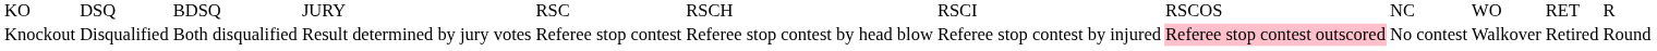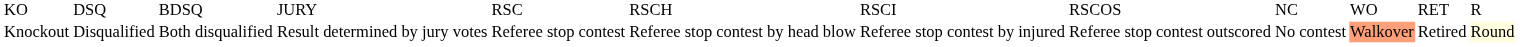 <table class="Symbol of AIBA"|->
 <tr>
 <td>KO</td>
 <td>DSQ</td>
 <td>BDSQ</td>
 <td>JURY</td>
 <td>RSC</td>
 <td>RSCH</td>
 <td>RSCI</td>
 <td>RSCOS</td>
 <td>NC</td>
 <td>WO</td>
 <td>RET</td>
 <td>R</td>
 </tr>
 <tr>
 <td>Knockout</td>
 <td>Disqualified</td>
 <td>Both disqualified</td>
 <td>Result determined by jury votes</td>
 <td>Referee stop contest</td>
 <td>Referee stop contest by head blow</td>
 <td>Referee stop contest by injured</td>
-<td style="background: pink;">Referee stop contest outscored</td>
+<td>Referee stop contest outscored</td>
 <td>No contest</td>
-<td>Walkover</td>
+<td style="background: lightsalmon;">Walkover</td>
 <td>Retired</td>
-<td>Round</td>
+<td style="background: lightyellow;">Round</td>
 </tr>
 </table>
